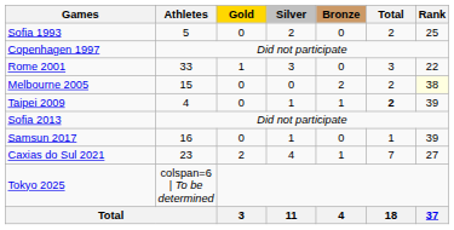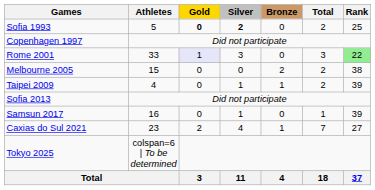 <table class="wikitable" style="text-align:center; font-size:90%;">
 <tr>
 <th style="width:13em;">Games</th>
 <th style="width:4em;">Athletes</th>
 <th style="width:4em; background:gold;">Gold</th>
 <th style="width:4em; background:silver;">Silver</th>
 <th style="width:4em; background:#cc9966;">Bronze</th>
 <th style="width:4em;">Total</th>
 <th style="width:2em;">Rank</th>
 </tr>
 <tr>
 <td align=left> <a href='#'>Sofia 1993</a></td>
 <td>5</td>
-<td>0</td>
-<td>2</td>
+<td><strong>0</strong></td>
+<td><strong>2</strong></td>
 <td>0</td>
 <td>2</td>
 <td>25</td>
 </tr>
 <tr>
 <td align=left> <a href='#'>Copenhagen 1997</a></td>
 <td colspan=6><em>Did not participate</em></td>
 </tr>
 <tr>
 <td align=left> <a href='#'>Rome 2001</a></td>
 <td>33</td>
-<td>1</td>
+<td style="background: lavender;">1</td>
 <td>3</td>
 <td>0</td>
 <td>3</td>
-<td>22</td>
+<td style="background: lightgreen;">22</td>
 </tr>
 <tr>
 <td align=left> <a href='#'>Melbourne 2005</a></td>
 <td>15</td>
 <td>0</td>
 <td>0</td>
 <td>2</td>
 <td>2</td>
-<td style="background: lightyellow;">38</td>
+<td>38</td>
 </tr>
 <tr>
 <td align=left> <a href='#'>Taipei 2009</a></td>
 <td>4</td>
 <td>0</td>
 <td>1</td>
 <td>1</td>
-<td><strong>2</strong></td>
+<td>2</td>
 <td>39</td>
 </tr>
 <tr>
 <td align=left> <a href='#'>Sofia 2013</a></td>
 <td colspan=6><em>Did not participate</em></td>
 </tr>
 <tr>
 <td align=left> <a href='#'>Samsun 2017</a></td>
 <td>16</td>
 <td>0</td>
 <td>1</td>
 <td>0</td>
 <td>1</td>
 <td>39</td>
 </tr>
 <tr>
 <td align=left> <a href='#'>Caxias do Sul 2021</a></td>
 <td>23</td>
 <td>2</td>
 <td>4</td>
 <td>1</td>
 <td>7</td>
 <td>27</td>
 </tr>
 <tr>
 <td align=left> <a href='#'>Tokyo 2025</a></td>
 <td>colspan=6 | <em>To be determined</em></td>
 </tr>
 <tr>
 <th colspan=2>Total</th>
 <th>3</th>
 <th>11</th>
 <th>4</th>
 <th>18</th>
 <th><a href='#'>37</a></th>
 </tr>
 </table>
